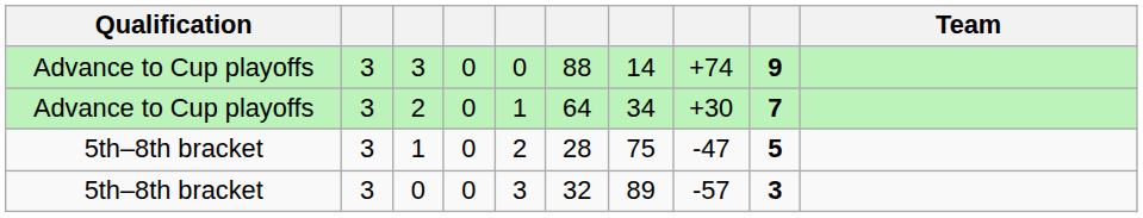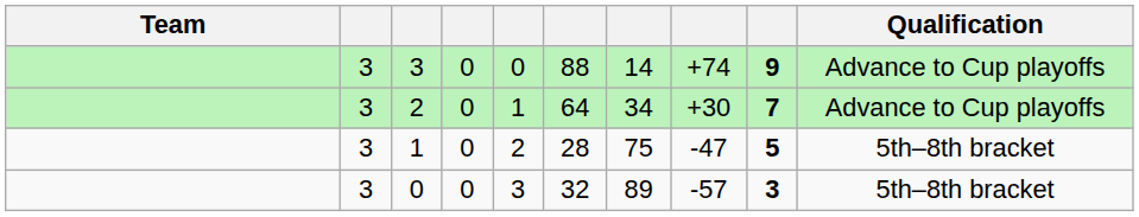 <table class="wikitable" style="text-align:center">
 <tr>
-<th style="width:12.5em">Qualification</th>
+<th style="width:12.5em">Team</th>
 <th style="width:1.5em;"></th>
 <th style="width:1.5em;"></th>
 <th style="width:1.5em;"></th>
 <th style="width:1.5em;"></th>
 <th style="width:2.0em;"></th>
 <th style="width:2.0em;"></th>
 <th style="width:2.5em;"></th>
 <th style="width:1.5em;"></th>
-<th style="width:12.5em">Team</th>
+<th style="width:12.5em">Qualification</th>
 </tr>
 <tr bgcolor=#bbf3bb>
-<td>Advance to Cup playoffs</td>
+<td align=left></td>
 <td>3</td>
 <td>3</td>
 <td>0</td>
 <td>0</td>
 <td>88</td>
 <td>14</td>
 <td>+74</td>
 <td><strong>9</strong></td>
-<td align=left></td>
+<td>Advance to Cup playoffs</td>
 </tr>
 <tr bgcolor=#bbf3bb>
-<td>Advance to Cup playoffs</td>
+<td align=left></td>
 <td>3</td>
 <td>2</td>
 <td>0</td>
 <td>1</td>
 <td>64</td>
 <td>34</td>
 <td>+30</td>
 <td><strong>7</strong></td>
-<td align=left></td>
+<td>Advance to Cup playoffs</td>
 </tr>
 <tr>
-<td>5th–8th bracket</td>
+<td align=left></td>
 <td>3</td>
 <td>1</td>
 <td>0</td>
 <td>2</td>
 <td>28</td>
 <td>75</td>
 <td>-47</td>
 <td><strong>5</strong></td>
-<td align=left></td>
+<td>5th–8th bracket</td>
 </tr>
 <tr>
-<td>5th–8th bracket</td>
+<td align=left></td>
 <td>3</td>
 <td>0</td>
 <td>0</td>
 <td>3</td>
 <td>32</td>
 <td>89</td>
 <td>-57</td>
 <td><strong>3</strong></td>
-<td align=left></td>
+<td>5th–8th bracket</td>
 </tr>
 </table>
